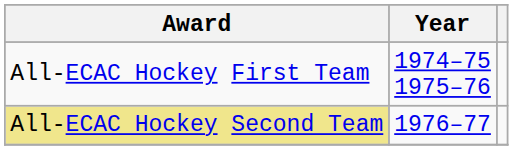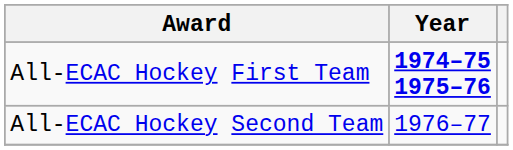 <table class="wikitable">
 <tr>
 <th>Award</th>
 <th>Year</th>
 <th></th>
 </tr>
 <tr>
 <td>All-<a href='#'>ECAC Hockey</a> <a href='#'>First Team</a></td>
-<td><a href='#'>1974–75</a><br><a href='#'>1975–76</a></td>
+<td><strong><a href='#'>1974–75</a><br><a href='#'>1975–76</a></strong></td>
 <td></td>
 </tr>
 <tr>
-<td style="background: khaki;">All-<a href='#'>ECAC Hockey</a> <a href='#'>Second Team</a></td>
+<td>All-<a href='#'>ECAC Hockey</a> <a href='#'>Second Team</a></td>
 <td><a href='#'>1976–77</a></td>
 <td></td>
 </tr>
 <tr>
 </tr>
 </table>
